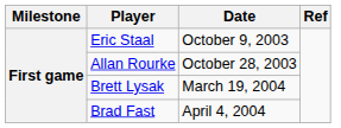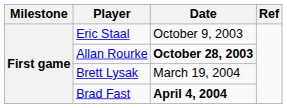 <table class="wikitable">
 <tr>
 <th scope="col">Milestone</th>
 <th scope="col">Player</th>
 <th scope="col">Date</th>
 <th scope="col">Ref</th>
 </tr>
 <tr>
 <th rowspan=4>First game</th>
 <td><a href='#'>Eric Staal</a></td>
 <td>October 9, 2003</td>
 <td rowspan=4></td>
 </tr>
 <tr>
 <td><a href='#'>Allan Rourke</a></td>
-<td>October 28, 2003</td>
+<td><strong>October 28, 2003</strong></td>
 </tr>
 <tr>
 <td><a href='#'>Brett Lysak</a></td>
 <td>March 19, 2004</td>
 </tr>
 <tr>
 <td><a href='#'>Brad Fast</a></td>
-<td>April 4, 2004</td>
+<td><strong>April 4, 2004</strong></td>
 </tr>
 </table>
